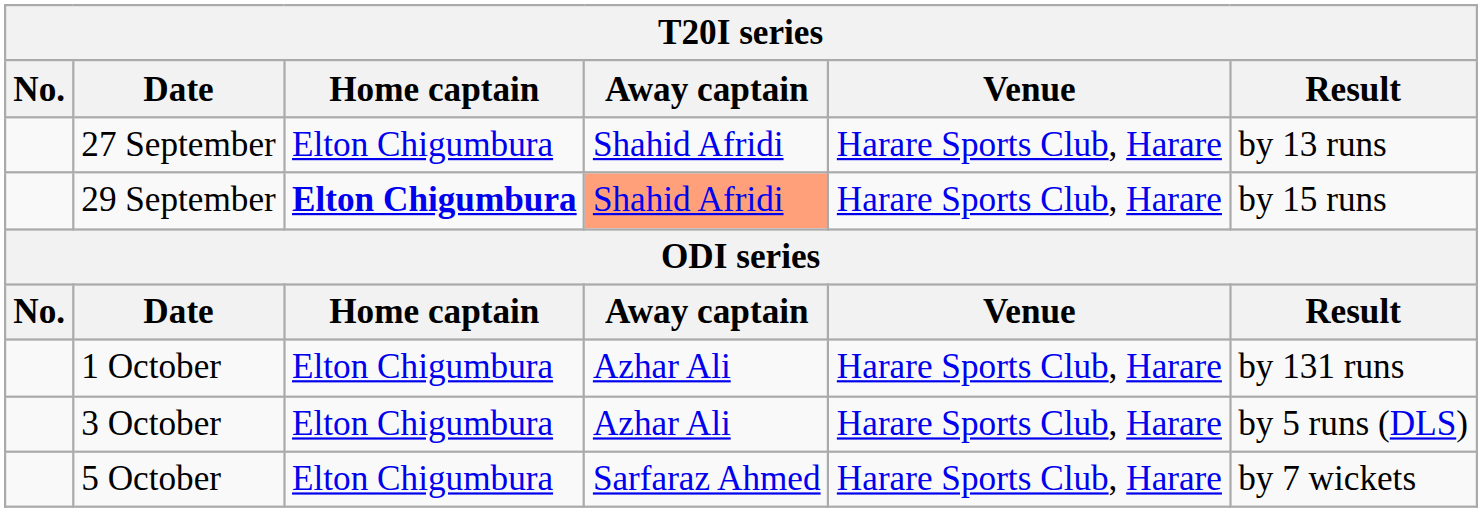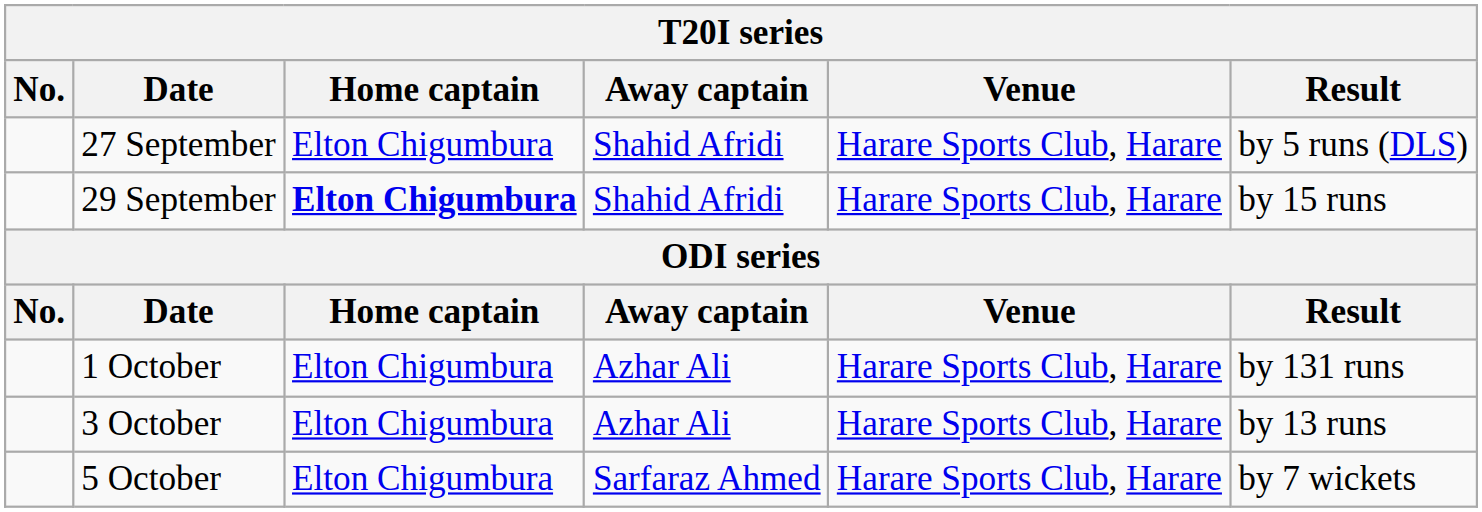 <table class="wikitable">
 <tr>
 <th colspan="9">T20I series</th>
 </tr>
 <tr>
 <th>No.</th>
 <th>Date</th>
 <th>Home captain</th>
 <th>Away captain</th>
 <th>Venue</th>
 <th>Result</th>
 </tr>
 <tr>
 <td></td>
 <td>27 September</td>
 <td><a href='#'>Elton Chigumbura</a></td>
 <td><a href='#'>Shahid Afridi</a></td>
 <td><a href='#'>Harare Sports Club</a>, <a href='#'>Harare</a></td>
-<td> by 13 runs</td>
+<td> by 5 runs (<a href='#'>DLS</a>)</td>
 </tr>
 <tr>
 <td></td>
 <td>29 September</td>
 <td><strong><a href='#'>Elton Chigumbura</a></strong></td>
-<td style="background: lightsalmon;"><a href='#'>Shahid Afridi</a></td>
+<td><a href='#'>Shahid Afridi</a></td>
 <td><a href='#'>Harare Sports Club</a>, <a href='#'>Harare</a></td>
 <td> by 15 runs</td>
 </tr>
 <tr>
 <th colspan="9">ODI series</th>
 </tr>
 <tr>
 <th>No.</th>
 <th>Date</th>
 <th>Home captain</th>
 <th>Away captain</th>
 <th>Venue</th>
 <th>Result</th>
 </tr>
 <tr>
 <td></td>
 <td>1 October</td>
 <td><a href='#'>Elton Chigumbura</a></td>
 <td><a href='#'>Azhar Ali</a></td>
 <td><a href='#'>Harare Sports Club</a>, <a href='#'>Harare</a></td>
 <td> by 131 runs</td>
 </tr>
 <tr>
 <td></td>
 <td>3 October</td>
 <td><a href='#'>Elton Chigumbura</a></td>
 <td><a href='#'>Azhar Ali</a></td>
 <td><a href='#'>Harare Sports Club</a>, <a href='#'>Harare</a></td>
-<td> by 5 runs (<a href='#'>DLS</a>)</td>
+<td> by 13 runs</td>
 </tr>
 <tr>
 <td></td>
 <td>5 October</td>
 <td><a href='#'>Elton Chigumbura</a></td>
 <td><a href='#'>Sarfaraz Ahmed</a></td>
 <td><a href='#'>Harare Sports Club</a>, <a href='#'>Harare</a></td>
 <td> by 7 wickets</td>
 </tr>
 </table>
